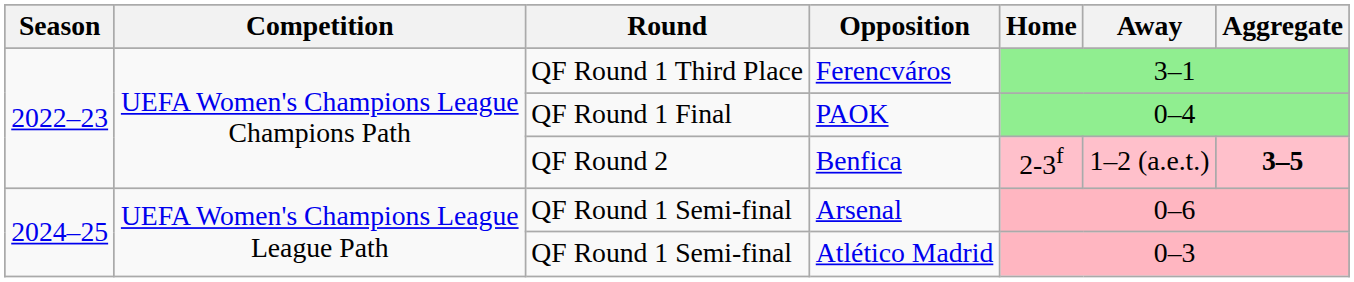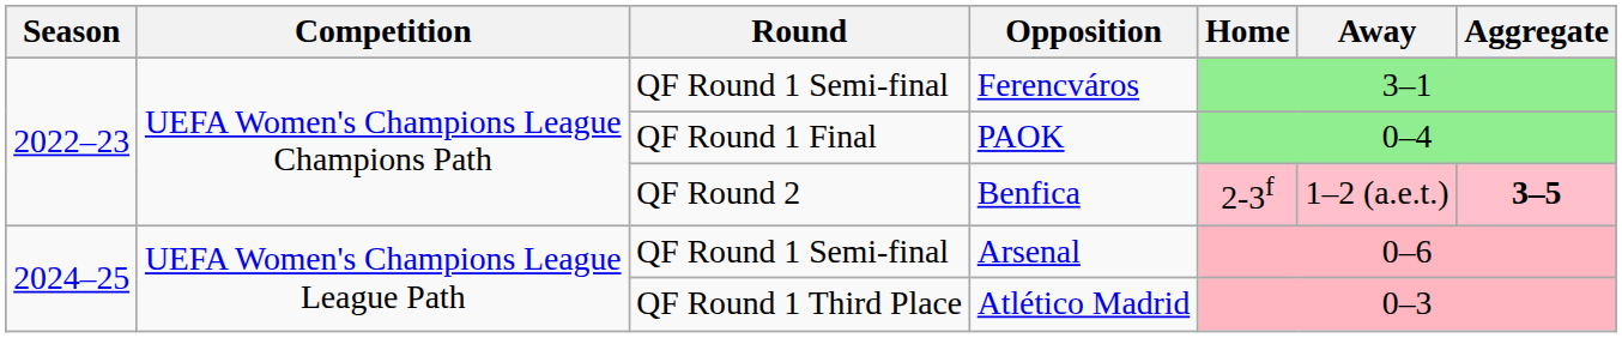 <table class="wikitable" style="text-align:center">
 <tr>
 <th>Season</th>
 <th>Competition</th>
 <th>Round</th>
 <th>Opposition</th>
 <th>Home</th>
 <th>Away</th>
 <th>Aggregate</th>
 </tr>
 <tr>
 <td rowspan=3><a href='#'>2022–23</a></td>
 <td rowspan=3><a href='#'>UEFA Women's Champions League</a><br> Champions Path</td>
-<td align=left>QF Round 1 Third Place</td>
+<td align=left>QF Round 1 Semi-final</td>
 <td align=left> <a href='#'>Ferencváros</a></td>
 <td colspan=3 bgcolor=lightgreen>3–1</td>
 </tr>
 <tr>
 <td align=left>QF Round 1 Final</td>
 <td align=left> <a href='#'>PAOK</a></td>
 <td colspan=3 bgcolor=lightgreen>0–4</td>
 </tr>
 <tr>
 <td align=left>QF Round 2</td>
 <td align=left> <a href='#'>Benfica</a></td>
 <td bgcolor=pink>2-3<sup>f</sup></td>
 <td bgcolor=pink>1–2 (a.e.t.)</td>
 <td bgcolor=pink><strong>3–5</strong></td>
 </tr>
 <tr>
 <td rowspan="2"><a href='#'>2024–25</a></td>
 <td rowspan="2"><a href='#'>UEFA Women's Champions League</a><br> League Path</td>
 <td align=left>QF Round 1 Semi-final</td>
 <td align=left> <a href='#'>Arsenal</a></td>
 <td colspan=3 bgcolor=lightpink>0–6</td>
 </tr>
 <tr>
-<td align=left>QF Round 1 Semi-final</td>
+<td align=left>QF Round 1 Third Place</td>
 <td align=left> <a href='#'>Atlético Madrid</a></td>
 <td colspan=3 bgcolor=lightpink>0–3</td>
 </tr>
 </table>
